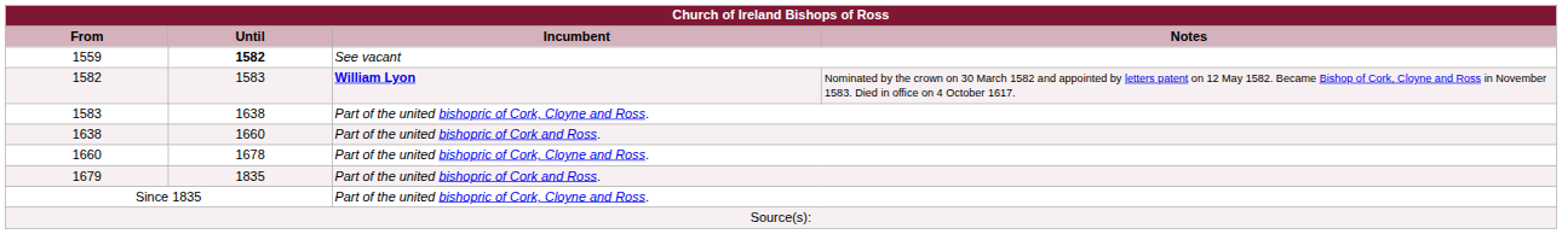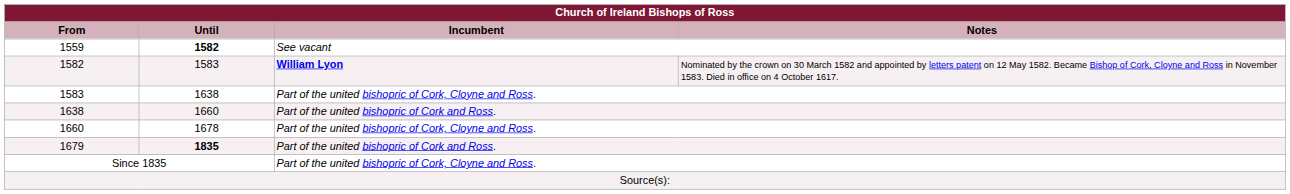 <table class="wikitable" style="width:95%;" border="1" cellpadding="2">
 <tr>
 <th colspan="4" style="background-color: #7F1734; color: white;">Church of Ireland Bishops of Ross</th>
 </tr>
 <tr valign="center">
 <th style="background-color: #D4B1BB" width="10%">From</th>
 <th style="background-color: #D4B1BB" width="10%">Until</th>
 <th style="background-color: #D4B1BB" width="30%">Incumbent</th>
 <th style="background-color: #D4B1BB" width="45%">Notes</th>
 </tr>
 <tr valign="top" bgcolor="white">
 <td align="center">1559</td>
 <td align="center"><strong>1582</strong></td>
 <td colspan="2"><em>See vacant</em></td>
 </tr>
 <tr valign="top" bgcolor="#F7F0F2">
 <td align="center">1582</td>
 <td align="center">1583</td>
 <td><strong><a href='#'>William Lyon</a></strong></td>
 <td><small>Nominated by the crown on 30 March 1582 and appointed by <a href='#'>letters patent</a> on 12 May 1582. Became <a href='#'>Bishop of Cork, Cloyne and Ross</a> in November 1583. Died in office on 4 October 1617.</small></td>
 </tr>
 <tr valign="top" bgcolor="white">
 <td align="center">1583</td>
 <td align="center">1638</td>
 <td colspan="2"><em>Part of the united <a href='#'>bishopric of Cork, Cloyne and Ross</a></em>.</td>
 </tr>
 <tr valign="top" bgcolor="#F7F0F2">
 <td align="center">1638</td>
 <td align="center">1660</td>
 <td colspan="2"><em>Part of the united <a href='#'>bishopric of Cork and Ross</a></em>.</td>
 </tr>
 <tr valign="top" bgcolor="white">
 <td align="center">1660</td>
 <td align="center">1678</td>
 <td colspan="2"><em>Part of the united <a href='#'>bishopric of Cork, Cloyne and Ross</a></em>.</td>
 </tr>
 <tr valign="top" bgcolor="#F7F0F2">
 <td align="center">1679</td>
-<td align="center">1835</td>
+<td align="center"><strong>1835</strong></td>
 <td colspan="2"><em>Part of the united <a href='#'>bishopric of Cork and Ross</a></em>.</td>
 </tr>
 <tr valign="top" bgcolor="white">
 <td align="center" colspan="2">Since 1835</td>
 <td colspan="2"><em>Part of the united <a href='#'>bishopric of Cork, Cloyne and Ross</a></em>.</td>
 </tr>
 <tr valign="top" bgcolor="#F7F0F2">
 <td align="center" colspan="4">Source(s):</td>
 </tr>
 </table>
